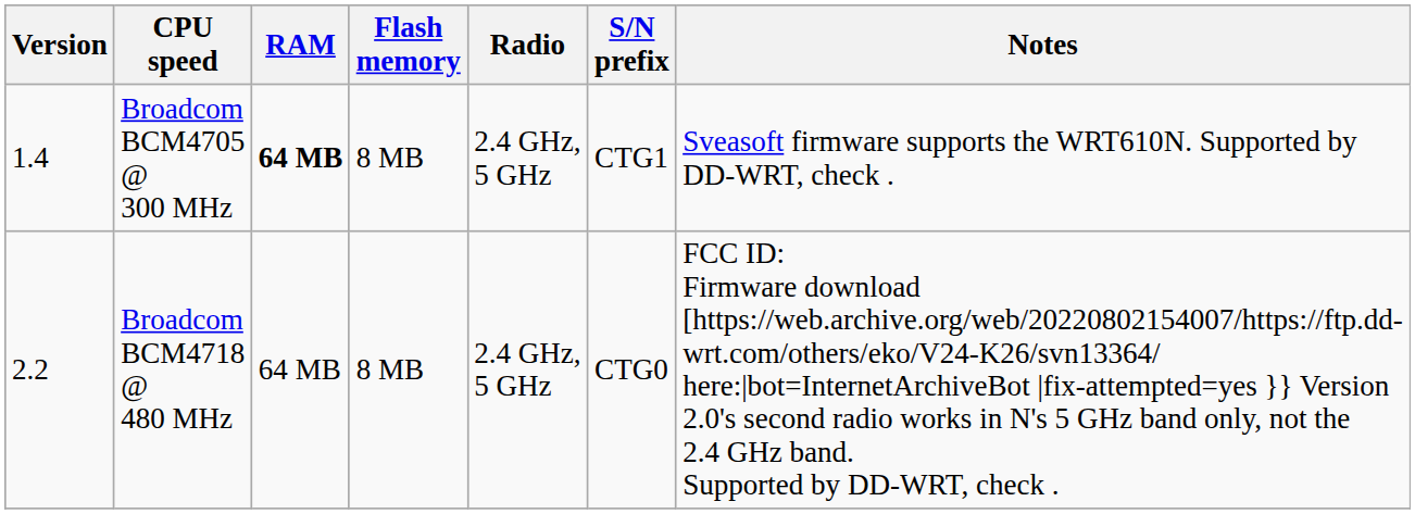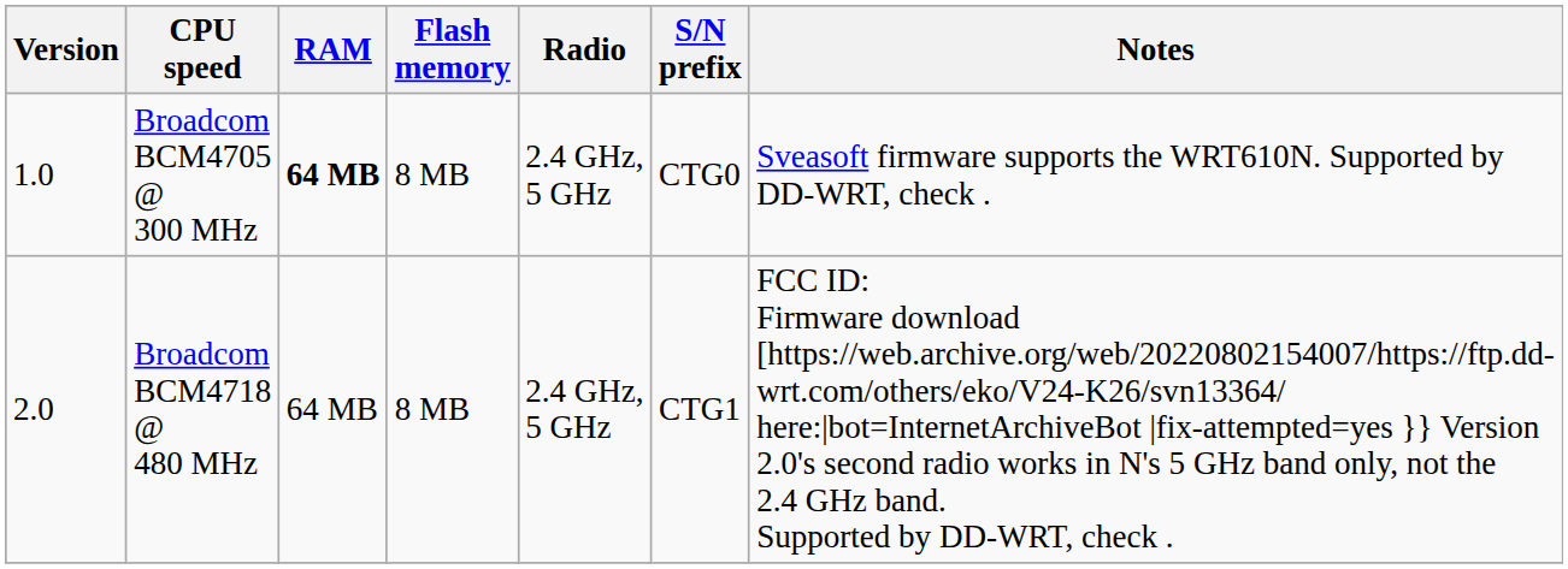 <table class="wikitable">
 <tr>
 <th>Version</th>
 <th>CPU speed</th>
 <th><a href='#'>RAM</a></th>
 <th><a href='#'>Flash memory</a></th>
 <th>Radio</th>
 <th><a href='#'>S/N</a> prefix</th>
 <th>Notes</th>
 </tr>
 <tr>
-<td>1.4</td>
+<td>1.0</td>
 <td><a href='#'>Broadcom</a> BCM4705 @ 300 MHz</td>
 <td><strong>64 MB</strong></td>
 <td>8 MB</td>
 <td>2.4 GHz, 5 GHz</td>
-<td>CTG1</td>
+<td>CTG0</td>
 <td><a href='#'>Sveasoft</a> firmware supports the WRT610N. Supported by DD-WRT, check .</td>
 </tr>
 <tr>
-<td>2.2</td>
+<td>2.0</td>
 <td><a href='#'>Broadcom</a> BCM4718 @ 480 MHz</td>
 <td>64 MB</td>
 <td>8 MB</td>
 <td>2.4 GHz, 5 GHz</td>
-<td>CTG0</td>
+<td>CTG1</td>
 <td>FCC ID: <br>Firmware download [https://web.archive.org/web/20220802154007/https://ftp.dd-wrt.com/others/eko/V24-K26/svn13364/ here:|bot=InternetArchiveBot |fix-attempted=yes }} Version 2.0's second radio works in N's 5 GHz band only, not the 2.4 GHz band.<br>Supported by DD-WRT, check .</td>
 </tr>
 </table>
